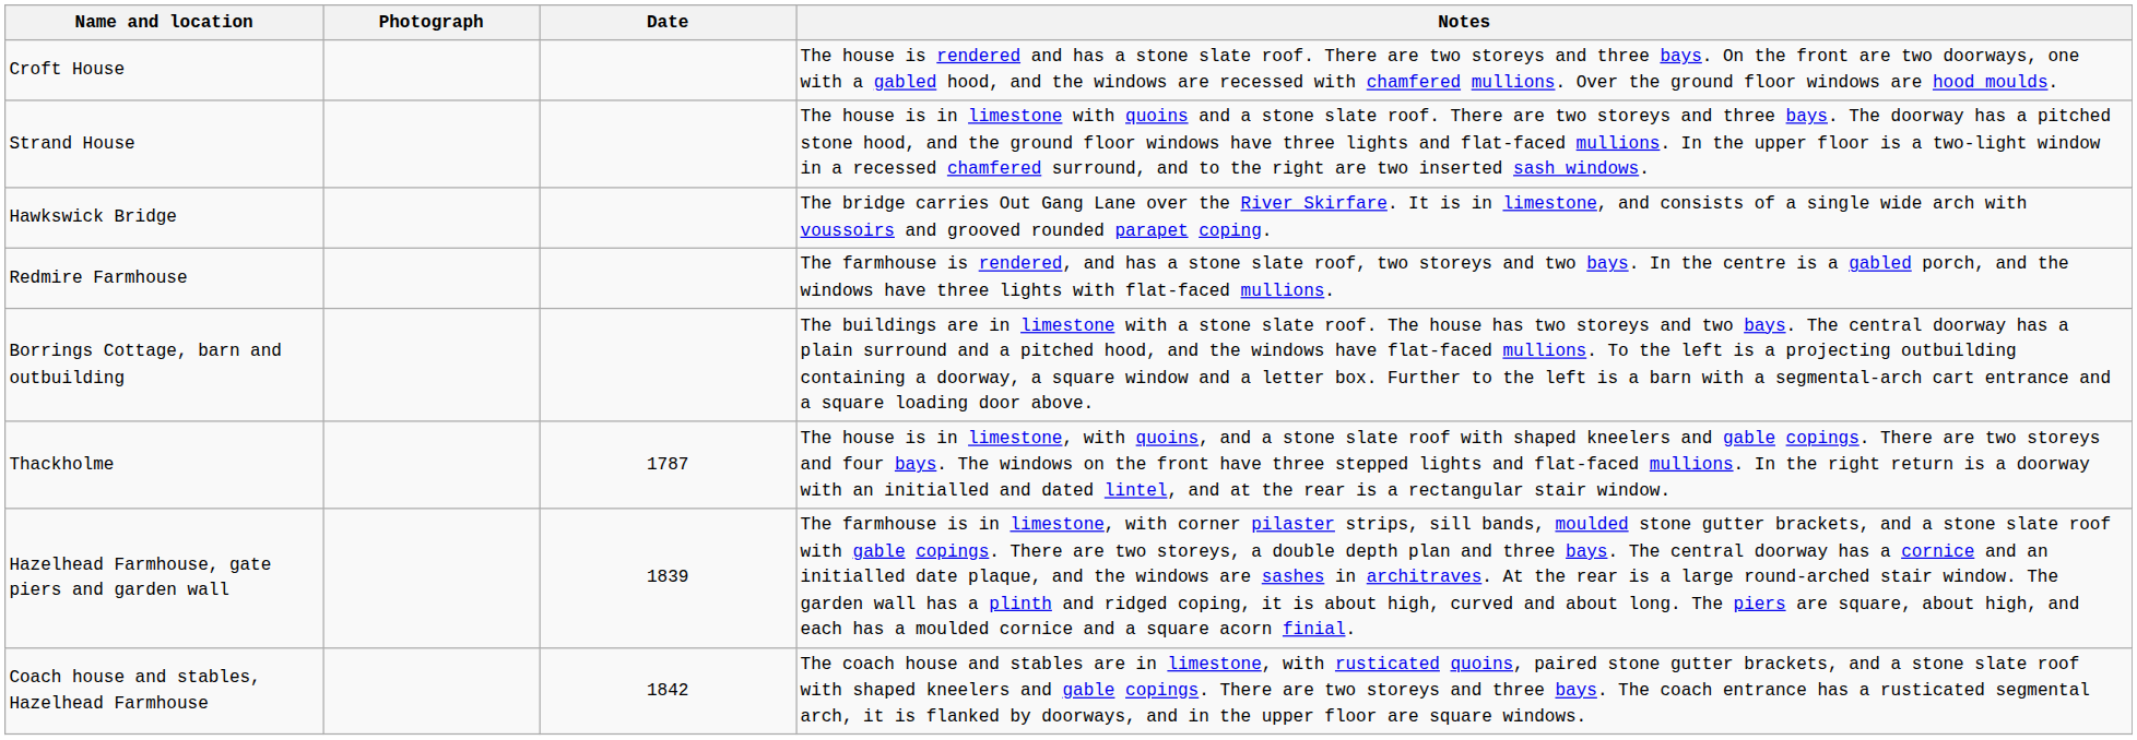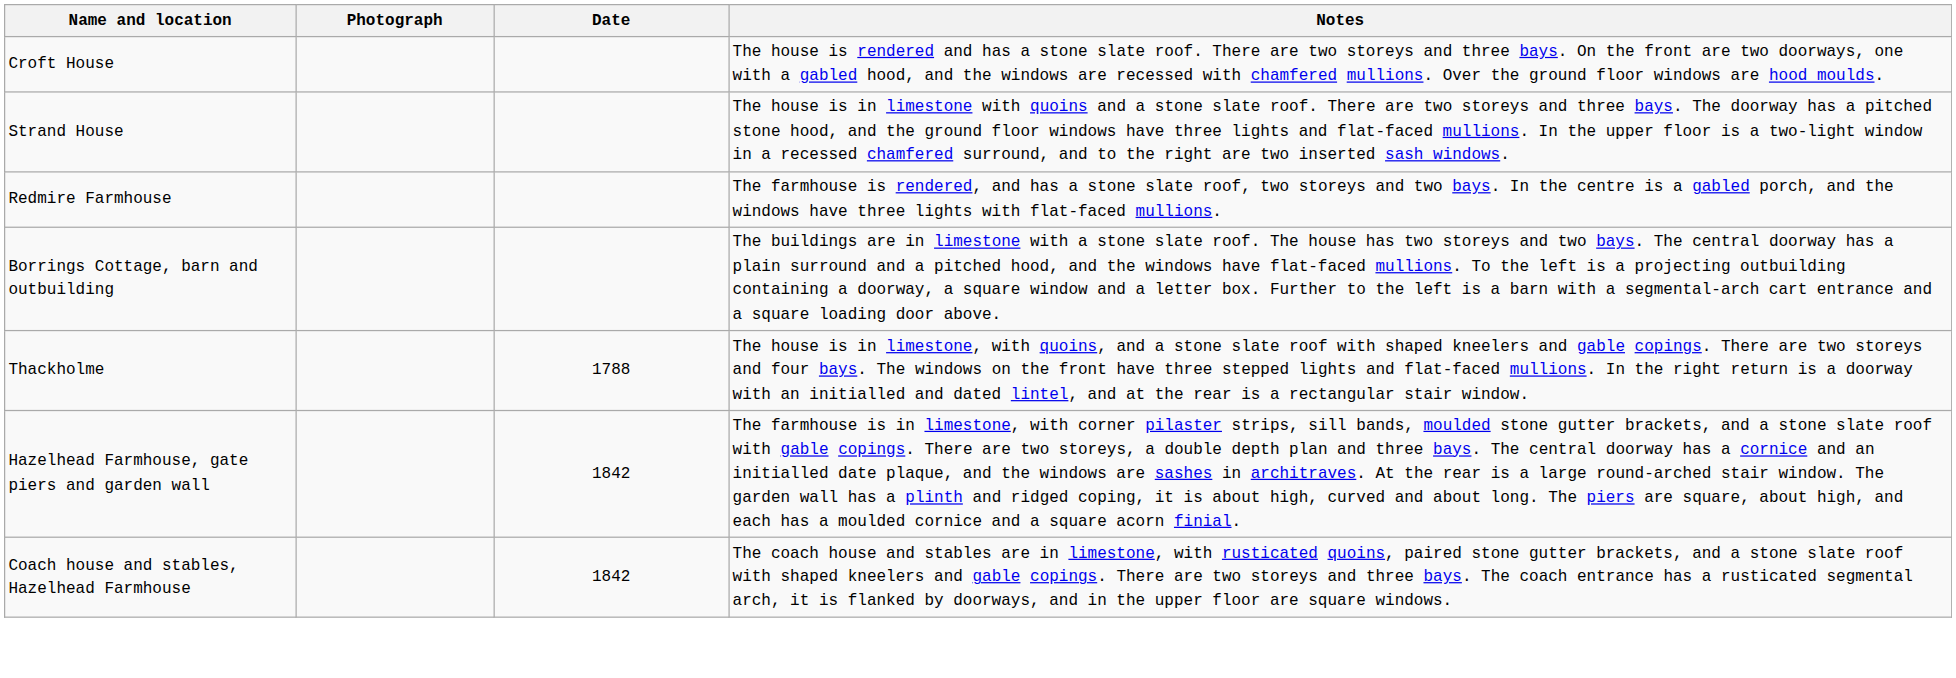 <table class="wikitable sortable plainrowheaders" style="width:100%;border:0px;text-align:left;line-height:150%;">
 <tr>
 <th scope="col"  style="width:150px">Name and location</th>
 <th scope="col"  style="width:100px" class="unsortable">Photograph</th>
 <th scope="col"  style="width:120px">Date</th>
 <th scope="col"  style="width:650px" class="unsortable">Notes</th>
 </tr>
 <tr>
 <td>Croft House<br><small></small></td>
 <td></td>
 <td align="center"></td>
 <td>The house is <a href='#'>rendered</a> and has a stone slate roof. There are two storeys and three <a href='#'>bays</a>. On the front are two doorways, one with a <a href='#'>gabled</a> hood, and the windows are recessed with <a href='#'>chamfered</a> <a href='#'>mullions</a>. Over the ground floor windows are <a href='#'>hood moulds</a>.</td>
 </tr>
 <tr>
 <td>Strand House<br><small></small></td>
 <td></td>
 <td align="center"></td>
 <td>The house is in <a href='#'>limestone</a> with <a href='#'>quoins</a> and a stone slate roof.  There are two storeys and three <a href='#'>bays</a>. The doorway has a pitched stone hood, and the ground floor windows have three lights and flat-faced <a href='#'>mullions</a>. In the upper floor is a two-light window in a recessed <a href='#'>chamfered</a> surround, and to the right are two inserted <a href='#'>sash windows</a>.</td>
 </tr>
 <tr>
-<td>Hawkswick Bridge<br><small></small></td>
-<td></td>
-<td align="center"></td>
-<td>The bridge carries Out Gang Lane over the <a href='#'>River Skirfare</a>. It is in <a href='#'>limestone</a>, and consists of a single wide arch with <a href='#'>voussoirs</a> and grooved rounded <a href='#'>parapet</a> <a href='#'>coping</a>.</td>
-</tr>
-<tr>
 <td>Redmire Farmhouse<br><small></small></td>
 <td></td>
 <td align="center"></td>
 <td>The farmhouse is <a href='#'>rendered</a>, and has a stone slate roof, two storeys and two <a href='#'>bays</a>. In the centre is a <a href='#'>gabled</a> porch, and the windows have three lights with flat-faced <a href='#'>mullions</a>.</td>
 </tr>
 <tr>
 <td>Borrings Cottage, barn and outbuilding<br><small></small></td>
 <td></td>
 <td align="center"></td>
 <td>The buildings are in <a href='#'>limestone</a> with a stone slate roof.  The house has two storeys and two <a href='#'>bays</a>. The central doorway has a plain surround and a pitched hood, and the windows have flat-faced <a href='#'>mullions</a>. To the left is a projecting outbuilding containing a doorway, a square window and a letter box. Further to the left is a barn with a segmental-arch cart entrance and a square loading door above.</td>
 </tr>
 <tr>
 <td>Thackholme<br><small></small></td>
 <td></td>
-<td align="center">1787</td>
+<td align="center">1788</td>
 <td>The house is in <a href='#'>limestone</a>, with <a href='#'>quoins</a>, and a stone slate roof with shaped kneelers and <a href='#'>gable</a> <a href='#'>copings</a>. There are two storeys and four <a href='#'>bays</a>. The windows on the front have three stepped lights and flat-faced <a href='#'>mullions</a>. In the right return is a doorway with an initialled and dated <a href='#'>lintel</a>, and at the rear is a rectangular stair window.</td>
 </tr>
 <tr>
 <td>Hazelhead Farmhouse, gate piers and garden wall<br><small></small></td>
 <td></td>
-<td align="center">1839</td>
+<td align="center">1842</td>
 <td>The farmhouse is in <a href='#'>limestone</a>, with corner <a href='#'>pilaster</a> strips, sill bands, <a href='#'>moulded</a> stone gutter brackets, and a stone slate roof with <a href='#'>gable</a> <a href='#'>copings</a>. There are two storeys, a double depth plan and three <a href='#'>bays</a>. The central doorway has a <a href='#'>cornice</a> and an initialled date plaque, and the windows are <a href='#'>sashes</a> in <a href='#'>architraves</a>. At the rear is a large round-arched stair window. The garden wall has a <a href='#'>plinth</a> and ridged coping, it is about  high, curved and about  long. The <a href='#'>piers</a> are square, about  high, and each has a moulded cornice and a square acorn <a href='#'>finial</a>.</td>
 </tr>
 <tr>
 <td>Coach house and stables,<br>Hazelhead Farmhouse<br><small></small></td>
 <td></td>
 <td align="center">1842</td>
 <td>The coach house and stables are in <a href='#'>limestone</a>, with <a href='#'>rusticated</a> <a href='#'>quoins</a>, paired stone gutter brackets, and a stone slate roof with shaped kneelers and <a href='#'>gable</a> <a href='#'>copings</a>. There are two storeys and three <a href='#'>bays</a>. The coach entrance has a rusticated segmental arch, it is flanked by doorways, and in the upper floor are square windows.</td>
 </tr>
 <tr>
 </tr>
 </table>
